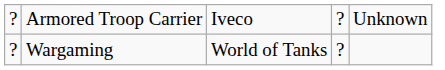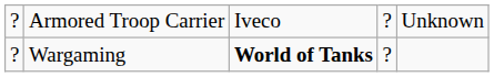 <table class="wikitable" Wargaming>
 <tr>
 <td>?</td>
 <td>Armored Troop Carrier</td>
 <td>Iveco</td>
 <td>?</td>
 <td>Unknown</td>
 </tr>
 <tr>
 <td>?</td>
 <td>Wargaming</td>
-<td>World of Tanks</td>
+<td><strong>World of Tanks</strong></td>
 <td>?</td>
 <td></td>
 </tr>
 </table>
